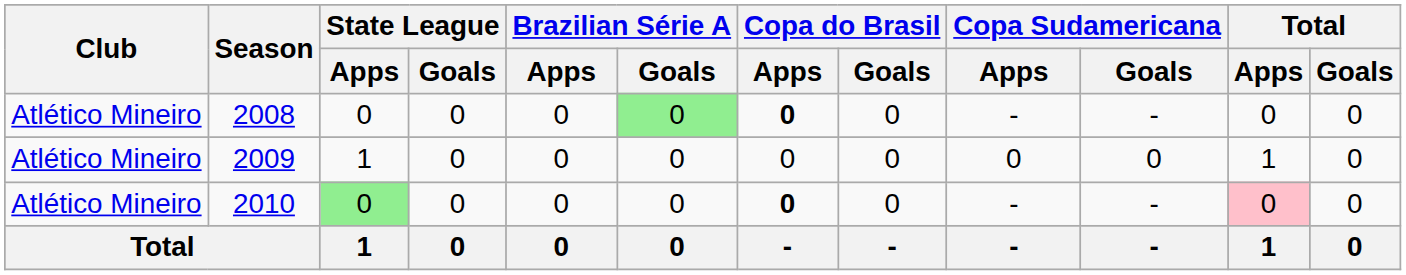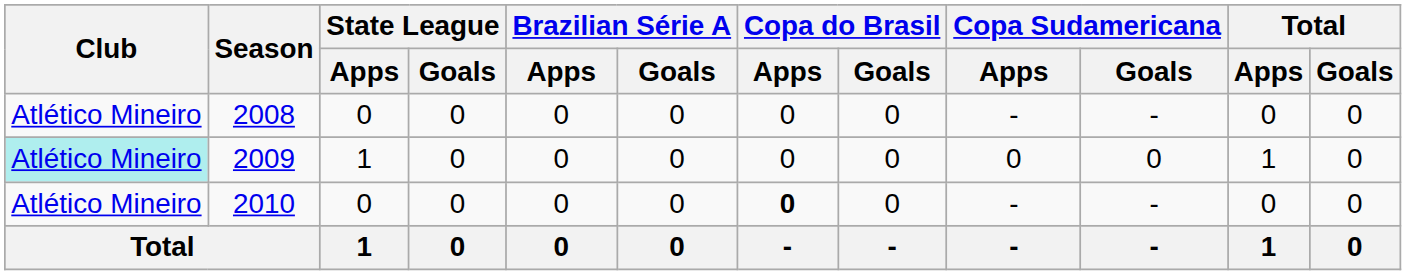 <table class="wikitable" style="text-align: center;">
 <tr>
 <th rowspan="2">Club</th>
 <th rowspan="2">Season</th>
 <th colspan="2">State League</th>
 <th colspan="2"><a href='#'>Brazilian Série A</a></th>
 <th colspan="2"><a href='#'>Copa do Brasil</a></th>
 <th colspan="2"><a href='#'>Copa Sudamericana</a></th>
 <th colspan="2">Total</th>
 </tr>
 <tr>
 <th>Apps</th>
 <th>Goals</th>
 <th>Apps</th>
 <th>Goals</th>
 <th>Apps</th>
 <th>Goals</th>
 <th>Apps</th>
 <th>Goals</th>
 <th>Apps</th>
 <th>Goals</th>
 </tr>
 <tr>
 <td rowspan="1" valign="center"><a href='#'>Atlético Mineiro</a></td>
 <td><a href='#'>2008</a></td>
 <td>0</td>
 <td>0</td>
 <td>0</td>
-<td style="background: lightgreen;">0</td>
-<td><strong>0</strong></td>
+<td>0</td>
+<td>0</td>
 <td>0</td>
 <td>-</td>
 <td>-</td>
 <td>0</td>
 <td>0</td>
 </tr>
 <tr>
-<td rowspan="1" valign="center"><a href='#'>Atlético Mineiro</a></td>
+<td rowspan="1" valign="center" style="background: paleturquoise;"><a href='#'>Atlético Mineiro</a></td>
 <td><a href='#'>2009</a></td>
 <td>1</td>
 <td>0</td>
 <td>0</td>
 <td>0</td>
 <td>0</td>
 <td>0</td>
 <td>0</td>
 <td>0</td>
 <td>1</td>
 <td>0</td>
 </tr>
 <tr>
 <td rowspan="1" valign="center"><a href='#'>Atlético Mineiro</a></td>
 <td><a href='#'>2010</a></td>
-<td style="background: lightgreen;">0</td>
+<td>0</td>
 <td>0</td>
 <td>0</td>
 <td>0</td>
 <td><strong>0</strong></td>
 <td>0</td>
 <td>-</td>
 <td>-</td>
-<td style="background: pink;">0</td>
+<td>0</td>
 <td>0</td>
 </tr>
 <tr>
 <th colspan="2"><strong>Total</strong></th>
 <th>1</th>
 <th>0</th>
 <th>0</th>
 <th>0</th>
 <th>-</th>
 <th>-</th>
 <th>-</th>
 <th>-</th>
 <th>1</th>
 <th>0</th>
 </tr>
 </table>
